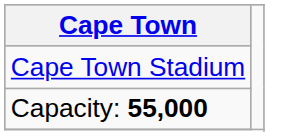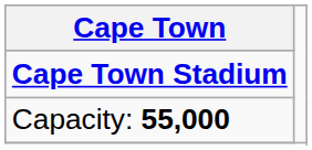 <table class="wikitable">
 <tr>
 <th><a href='#'>Cape Town</a></th>
 <td rowspan="4"></td>
 </tr>
 <tr>
-<td><a href='#'>Cape Town Stadium</a></td>
+<td><strong><a href='#'>Cape Town Stadium</a></strong></td>
 </tr>
 <tr>
 <td>Capacity: <strong>55,000</strong></td>
 </tr>
 <tr>
 </tr>
 </table>
